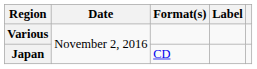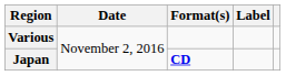 <table class="wikitable plainrowheaders">
 <tr>
 <th scope="col">Region</th>
 <th scope="col">Date</th>
 <th scope="col">Format(s)</th>
 <th scope="col">Label</th>
 <th scope="col"></th>
 </tr>
 <tr>
 <th scope="row">Various</th>
 <td rowspan="2">November 2, 2016</td>
 <td></td>
 <td></td>
 <td align="center"></td>
 </tr>
 <tr>
 <th scope="row">Japan</th>
-<td><a href='#'>CD</a></td>
+<td><strong><a href='#'>CD</a></strong></td>
 <td></td>
 <td align="center"></td>
 </tr>
 </table>
